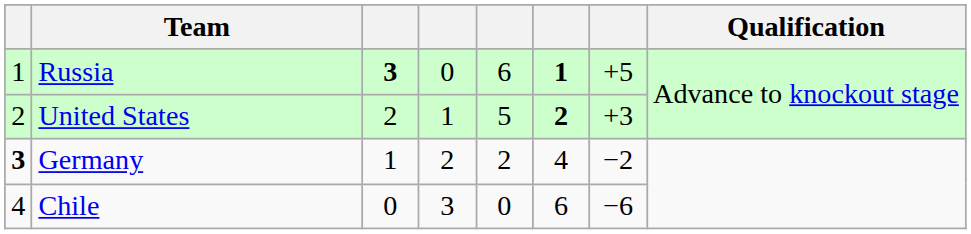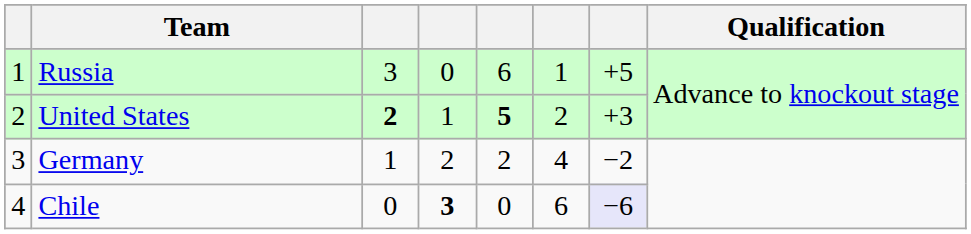 <table class=wikitable style="text-align:center;">
 <tr>
 <th></th>
 <th style="width:180px;">Team</th>
 <th style="width:25px;"></th>
 <th style="width:25px;"></th>
 <th style="width:25px;"></th>
 <th style="width:25px;"></th>
 <th style="width:25px;"></th>
 <th>Qualification</th>
 </tr>
 <tr style="background:#cfc;">
 <td>1</td>
 <td align=left> <a href='#'>Russia</a></td>
-<td><strong>3</strong></td>
+<td>3</td>
 <td>0</td>
 <td>6</td>
-<td><strong>1</strong></td>
+<td>1</td>
 <td>+5</td>
 <td rowspan=2>Advance to <a href='#'>knockout stage</a></td>
 </tr>
 <tr style="background:#cfc;">
 <td>2</td>
 <td align=left> <a href='#'>United States</a></td>
+<td><strong>2</strong></td>
+<td>1</td>
+<td><strong>5</strong></td>
 <td>2</td>
-<td>1</td>
-<td>5</td>
-<td><strong>2</strong></td>
 <td>+3</td>
 </tr>
 <tr>
-<td><strong>3</strong></td>
+<td>3</td>
 <td align=left> <a href='#'>Germany</a></td>
 <td>1</td>
 <td>2</td>
 <td>2</td>
 <td>4</td>
 <td>−2</td>
 <td rowspan=2></td>
 </tr>
 <tr>
 <td>4</td>
 <td align=left> <a href='#'>Chile</a></td>
 <td>0</td>
-<td>3</td>
+<td><strong>3</strong></td>
 <td>0</td>
 <td>6</td>
-<td>−6</td>
+<td style="background: lavender;">−6</td>
 </tr>
 </table>
